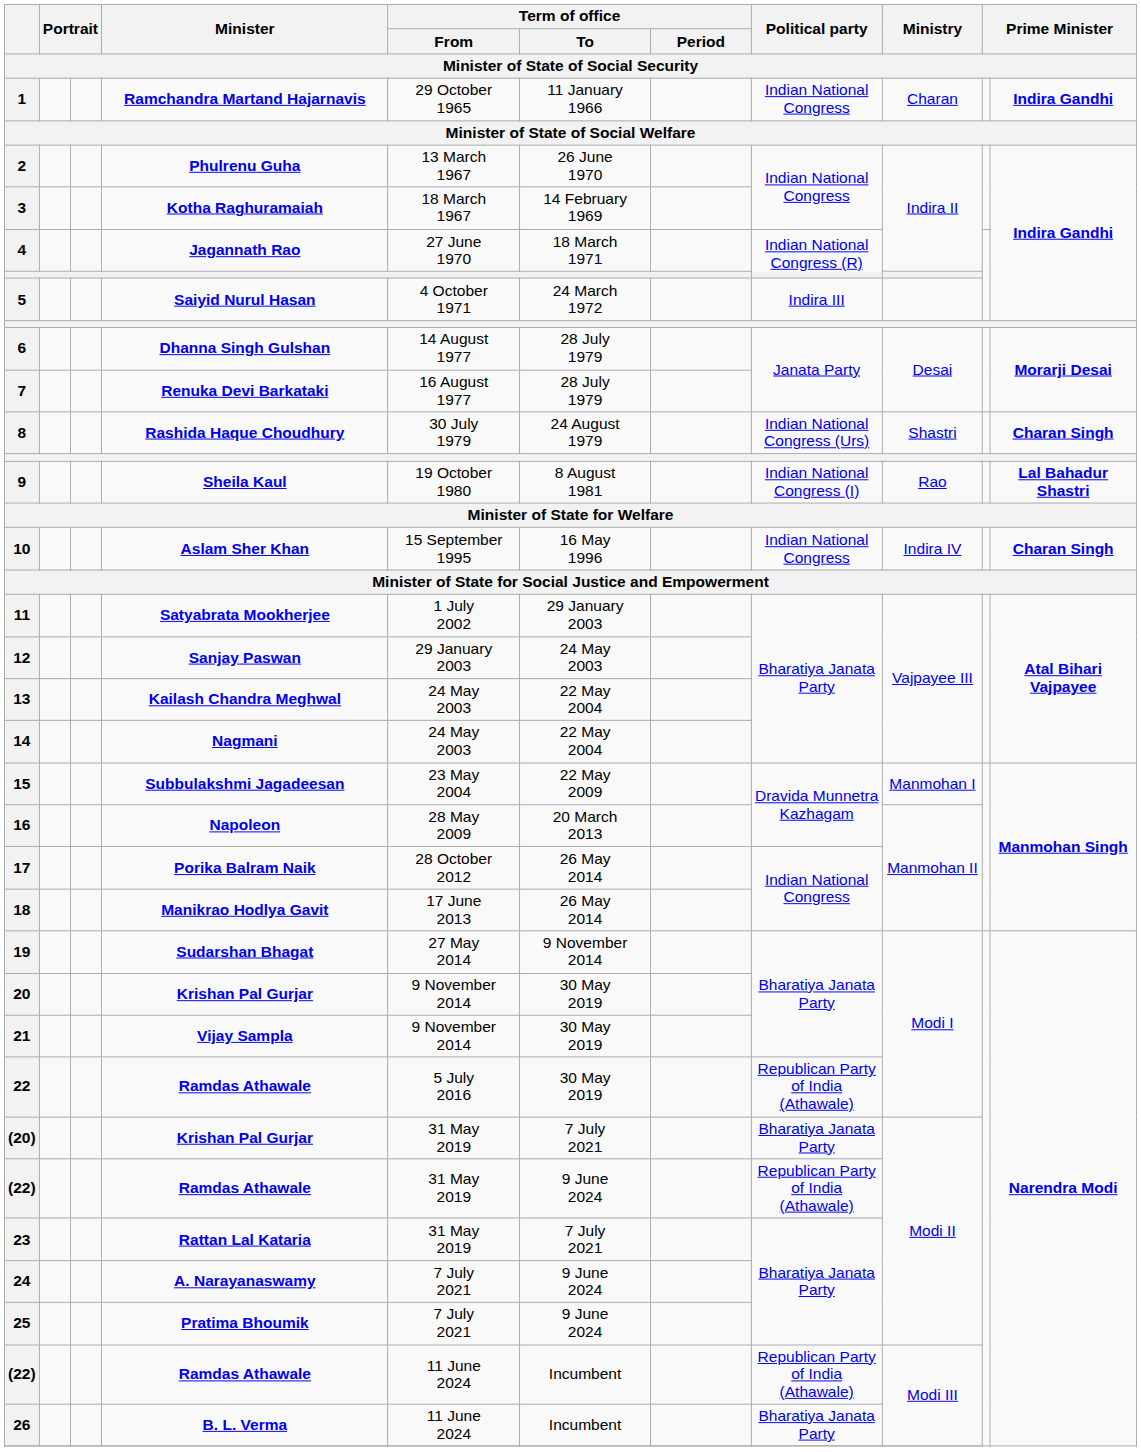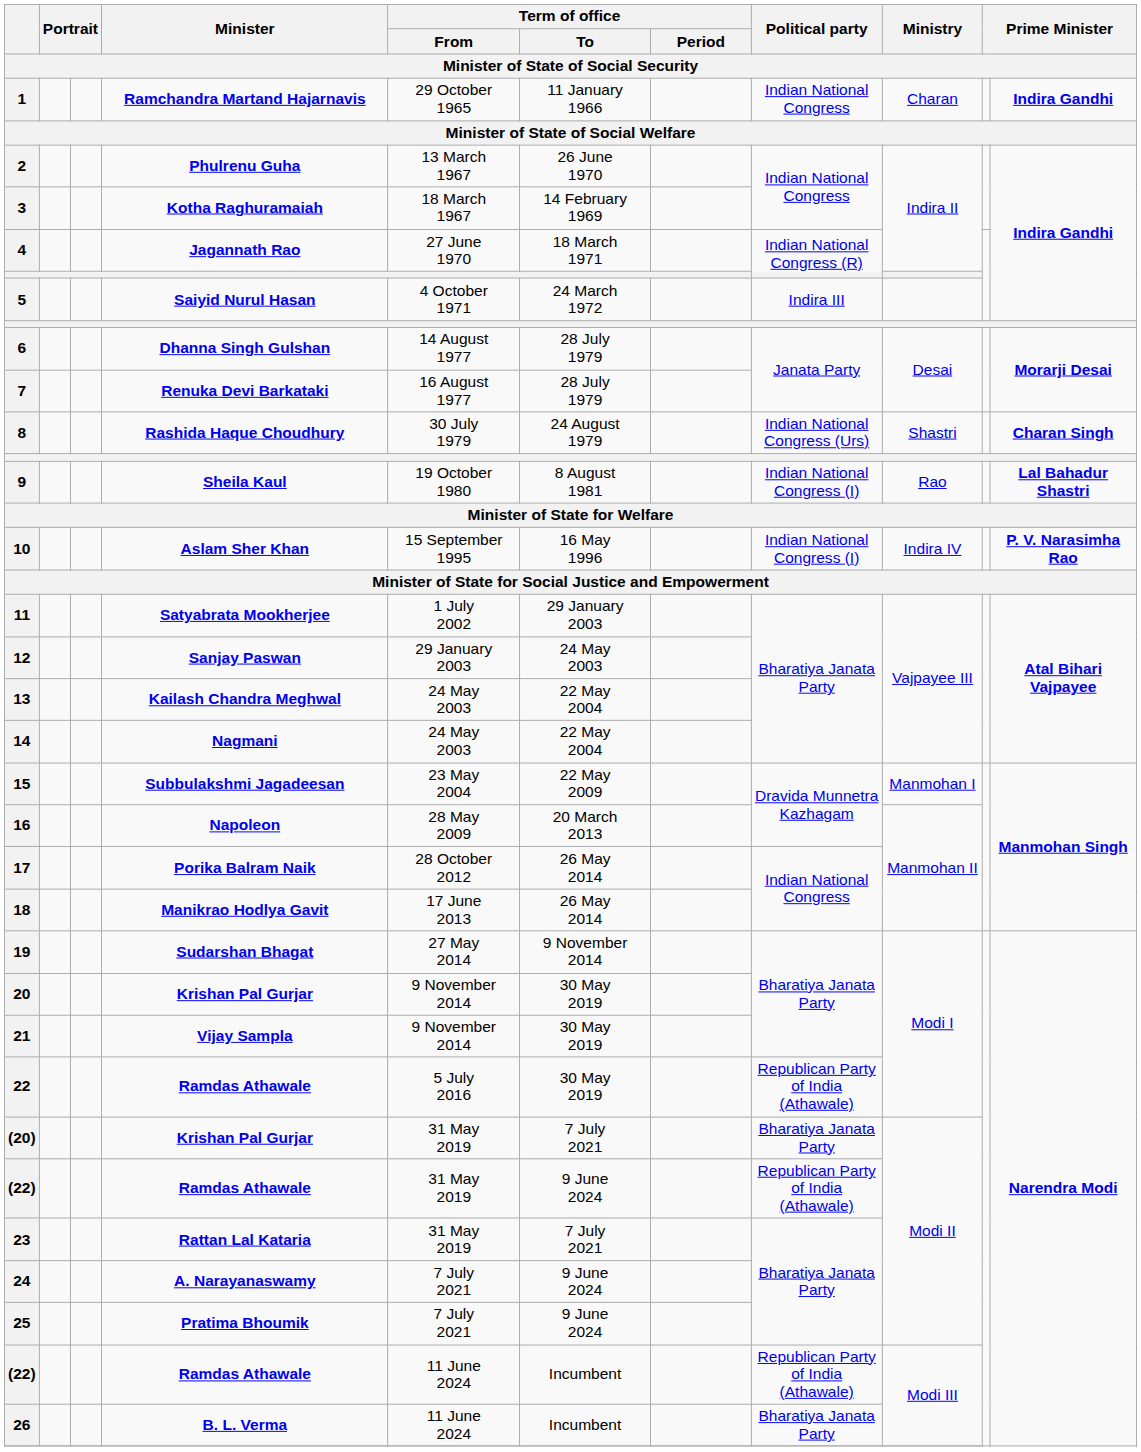 <table class="wikitable" style="text-align:center">
 <tr>
 <th rowspan="2"></th>
 <th rowspan="2" colspan="2">Portrait</th>
 <th rowspan="2" style="width:18em">Minister<br></th>
 <th colspan="3">Term of office</th>
 <th rowspan="2" style="width:8em">Political party</th>
 <th rowspan="2" style="width:6em">Ministry</th>
 <th rowspan="2" colspan="2">Prime Minister</th>
 </tr>
 <tr>
 <th style="width:8em">From</th>
 <th style="width:8em">To</th>
 <th style="width:6em">Period</th>
 </tr>
 <tr>
 <th colspan="11">Minister of State of Social Security</th>
 </tr>
 <tr>
 <th>1</th>
 <td></td>
 <td></td>
 <td><strong><a href='#'>Ramchandra Martand Hajarnavis</a></strong><br></td>
 <td>29 October<br>1965</td>
 <td>11 January<br>1966</td>
 <td><strong></strong></td>
 <td><a href='#'>Indian National Congress</a></td>
 <td><a href='#'>Charan</a></td>
 <td></td>
 <td><strong><a href='#'>Indira Gandhi</a></strong></td>
 </tr>
 <tr>
 <th colspan="11">Minister of State of Social Welfare</th>
 </tr>
 <tr>
 <th>2</th>
 <td></td>
 <td></td>
 <td><strong><a href='#'>Phulrenu Guha</a></strong><br></td>
 <td>13 March<br>1967</td>
 <td>26 June<br>1970</td>
 <td><strong></strong></td>
 <td rowspan="2"><a href='#'>Indian National Congress</a></td>
 <td rowspan="3"><a href='#'>Indira II</a></td>
 <td rowspan="2"></td>
 <td rowspan="5" style="width:9em"><strong><a href='#'>Indira Gandhi</a></strong></td>
 </tr>
 <tr>
 <th>3</th>
 <td></td>
 <td></td>
 <td><strong><a href='#'>Kotha Raghuramaiah</a></strong><br></td>
 <td>18 March<br>1967</td>
 <td>14 February<br>1969</td>
 <td><strong></strong></td>
 </tr>
 <tr>
 <th>4</th>
 <td></td>
 <td></td>
 <td><strong><a href='#'>Jagannath Rao</a></strong><br></td>
 <td>27 June<br>1970</td>
 <td>18 March<br>1971</td>
 <td><strong></strong></td>
 <td rowspan="2"><a href='#'>Indian National Congress (R)</a></td>
 <td rowspan="3"></td>
 </tr>
 <tr>
 <th colspan="9"></th>
 </tr>
 <tr>
 <th>5</th>
 <td></td>
 <td></td>
 <td><strong><a href='#'>Saiyid Nurul Hasan</a></strong><br></td>
 <td>4 October<br>1971</td>
 <td>24 March<br>1972</td>
 <td><strong></strong></td>
 <td><a href='#'>Indira III</a></td>
 </tr>
 <tr>
 <th colspan="11"></th>
 </tr>
 <tr>
 <th>6</th>
 <td style="background:"></td>
 <td></td>
 <td><strong><a href='#'>Dhanna Singh Gulshan</a></strong><br></td>
 <td>14 August<br>1977</td>
 <td>28 July<br>1979</td>
 <td><strong></strong></td>
 <td rowspan="2"><a href='#'>Janata Party</a></td>
 <td rowspan="2"><a href='#'>Desai</a></td>
 <td rowspan="2" style="background:"></td>
 <td rowspan="2"><strong><a href='#'>Morarji Desai</a></strong></td>
 </tr>
 <tr>
 <th>7</th>
 <td style="background:"></td>
 <td></td>
 <td><strong><a href='#'>Renuka Devi Barkataki</a></strong><br></td>
 <td>16 August<br>1977</td>
 <td>28 July<br>1979</td>
 <td><strong></strong></td>
 </tr>
 <tr>
 <th>8</th>
 <td style="background:"></td>
 <td></td>
 <td><strong><a href='#'>Rashida Haque Choudhury</a></strong><br></td>
 <td>30 July<br>1979</td>
 <td>24 August<br>1979</td>
 <td><strong></strong></td>
 <td><a href='#'>Indian National Congress (Urs)</a></td>
 <td><a href='#'>Shastri</a></td>
 <td style="background:"></td>
 <td><strong><a href='#'>Charan Singh</a></strong></td>
 </tr>
 <tr>
 <th colspan="11"></th>
 </tr>
 <tr>
 <th>9</th>
 <td></td>
 <td></td>
 <td><strong><a href='#'>Sheila Kaul</a></strong><br></td>
 <td>19 October<br>1980</td>
 <td>8 August<br>1981</td>
 <td><strong></strong></td>
 <td><a href='#'>Indian National Congress (I)</a></td>
 <td><a href='#'>Rao</a></td>
 <td></td>
 <td><strong><a href='#'>Lal Bahadur Shastri</a></strong></td>
 </tr>
 <tr>
 <th colspan="11">Minister of State for Welfare</th>
 </tr>
 <tr>
 <th>10</th>
 <td></td>
 <td></td>
 <td><strong><a href='#'>Aslam Sher Khan</a></strong><br></td>
 <td>15 September<br>1995</td>
 <td>16 May<br>1996</td>
 <td><strong></strong></td>
-<td><a href='#'>Indian National Congress</a></td>
+<td><a href='#'>Indian National Congress (I)</a></td>
 <td><a href='#'>Indira IV</a></td>
 <td></td>
-<td><strong><a href='#'>Charan Singh</a></strong></td>
+<td><strong><a href='#'>P. V. Narasimha Rao</a></strong></td>
 </tr>
 <tr>
 <th colspan="11">Minister of State for Social Justice and Empowerment</th>
 </tr>
 <tr>
 <th>11</th>
 <td></td>
 <td></td>
 <td><strong><a href='#'>Satyabrata Mookherjee</a></strong><br></td>
 <td>1 July<br>2002</td>
 <td>29 January<br>2003</td>
 <td><strong></strong></td>
 <td rowspan="4"><a href='#'>Bharatiya Janata Party</a></td>
 <td rowspan="4"><a href='#'>Vajpayee III</a></td>
 <td rowspan="4"></td>
 <td rowspan="4"><strong><a href='#'>Atal Bihari Vajpayee</a></strong></td>
 </tr>
 <tr>
 <th>12</th>
 <td></td>
 <td></td>
 <td><strong><a href='#'>Sanjay Paswan</a></strong><br></td>
 <td>29 January<br>2003</td>
 <td>24 May<br>2003</td>
 <td><strong></strong></td>
 </tr>
 <tr>
 <th>13</th>
 <td></td>
 <td></td>
 <td><strong><a href='#'>Kailash Chandra Meghwal</a></strong><br></td>
 <td>24 May<br>2003</td>
 <td>22 May<br>2004</td>
 <td><strong></strong></td>
 </tr>
 <tr>
 <th>14</th>
 <td></td>
 <td></td>
 <td><strong><a href='#'>Nagmani</a></strong><br></td>
 <td>24 May<br>2003</td>
 <td>22 May<br>2004</td>
 <td><strong></strong></td>
 </tr>
 <tr>
 <th>15</th>
 <td></td>
 <td></td>
 <td><strong><a href='#'>Subbulakshmi Jagadeesan</a></strong><br></td>
 <td>23 May<br>2004</td>
 <td>22 May<br>2009</td>
 <td><strong></strong></td>
 <td rowspan="2"><a href='#'>Dravida Munnetra Kazhagam</a></td>
 <td><a href='#'>Manmohan I</a></td>
 <td rowspan="4"></td>
 <td rowspan="4"><strong><a href='#'>Manmohan Singh</a></strong></td>
 </tr>
 <tr>
 <th>16</th>
 <td></td>
 <td></td>
 <td><strong><a href='#'>Napoleon</a></strong><br></td>
 <td>28 May<br>2009</td>
 <td>20 March<br>2013</td>
 <td><strong></strong></td>
 <td rowspan="3"><a href='#'>Manmohan II</a></td>
 </tr>
 <tr>
 <th>17</th>
 <td></td>
 <td></td>
 <td><strong><a href='#'>Porika Balram Naik</a></strong><br></td>
 <td>28 October<br>2012</td>
 <td>26 May<br>2014</td>
 <td><strong></strong></td>
 <td rowspan="2"><a href='#'>Indian National Congress</a></td>
 </tr>
 <tr>
 <th>18</th>
 <td></td>
 <td></td>
 <td><strong><a href='#'>Manikrao Hodlya Gavit</a></strong><br></td>
 <td>17 June<br>2013</td>
 <td>26 May<br>2014</td>
 <td><strong></strong></td>
 </tr>
 <tr>
 <th>19</th>
 <td></td>
 <td></td>
 <td><strong><a href='#'>Sudarshan Bhagat</a></strong><br></td>
 <td>27 May<br>2014</td>
 <td>9 November<br>2014</td>
 <td><strong></strong></td>
 <td rowspan="3"><a href='#'>Bharatiya Janata Party</a></td>
 <td rowspan="4"><a href='#'>Modi I</a></td>
 <td rowspan="12"></td>
 <td rowspan="12"><strong><a href='#'>Narendra Modi</a></strong></td>
 </tr>
 <tr>
 <th>20</th>
 <td></td>
 <td></td>
 <td><strong><a href='#'>Krishan Pal Gurjar</a></strong><br></td>
 <td>9 November<br>2014</td>
 <td>30 May<br>2019</td>
 <td><strong></strong></td>
 </tr>
 <tr>
 <th>21</th>
 <td></td>
 <td></td>
 <td><strong><a href='#'>Vijay Sampla</a></strong><br></td>
 <td>9 November<br>2014</td>
 <td>30 May<br>2019</td>
 <td><strong></strong></td>
 </tr>
 <tr>
 <th>22</th>
 <td></td>
 <td></td>
 <td><strong><a href='#'>Ramdas Athawale</a></strong><br></td>
 <td>5 July<br>2016</td>
 <td>30 May<br>2019</td>
 <td><strong></strong></td>
 <td><a href='#'>Republican Party of India (Athawale)</a></td>
 </tr>
 <tr>
 <th>(20)</th>
 <td></td>
 <td></td>
 <td><strong><a href='#'>Krishan Pal Gurjar</a></strong><br></td>
 <td>31 May<br>2019</td>
 <td>7 July<br>2021</td>
 <td><strong></strong></td>
 <td><a href='#'>Bharatiya Janata Party</a></td>
 <td rowspan="5"><a href='#'>Modi II</a></td>
 </tr>
 <tr>
 <th>(22)</th>
 <td></td>
 <td></td>
 <td><strong><a href='#'>Ramdas Athawale</a></strong><br></td>
 <td>31 May<br>2019</td>
 <td>9 June<br>2024</td>
 <td><strong></strong></td>
 <td><a href='#'>Republican Party of India (Athawale)</a></td>
 </tr>
 <tr>
 <th>23</th>
 <td></td>
 <td></td>
 <td><strong><a href='#'>Rattan Lal Kataria</a></strong><br></td>
 <td>31 May<br>2019</td>
 <td>7 July<br>2021</td>
 <td><strong></strong></td>
 <td rowspan="3"><a href='#'>Bharatiya Janata Party</a></td>
 </tr>
 <tr>
 <th>24</th>
 <td></td>
 <td></td>
 <td><strong><a href='#'>A. Narayanaswamy</a></strong><br></td>
 <td>7 July<br>2021</td>
 <td>9 June<br>2024</td>
 <td><strong></strong></td>
 </tr>
 <tr>
 <th>25</th>
 <td></td>
 <td></td>
 <td><strong><a href='#'>Pratima Bhoumik</a></strong><br></td>
 <td>7 July<br>2021</td>
 <td>9 June<br>2024</td>
 <td><strong></strong></td>
 </tr>
 <tr>
 <th>(22)</th>
 <td></td>
 <td></td>
 <td><strong><a href='#'>Ramdas Athawale</a></strong><br></td>
 <td>11 June<br>2024</td>
 <td>Incumbent</td>
 <td><strong></strong></td>
 <td><a href='#'>Republican Party of India (Athawale)</a></td>
 <td rowspan="2"><a href='#'>Modi III</a></td>
 </tr>
 <tr>
 <th>26</th>
 <td></td>
 <td></td>
 <td><strong><a href='#'>B. L. Verma</a></strong><br></td>
 <td>11 June<br>2024</td>
 <td>Incumbent</td>
 <td><strong></strong></td>
 <td><a href='#'>Bharatiya Janata Party</a></td>
 </tr>
 <tr>
 </tr>
 </table>
